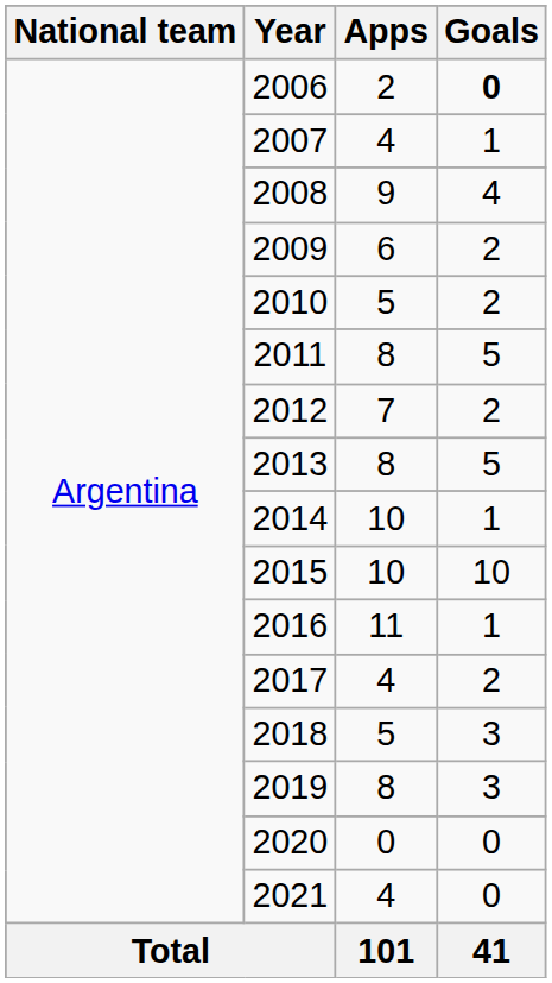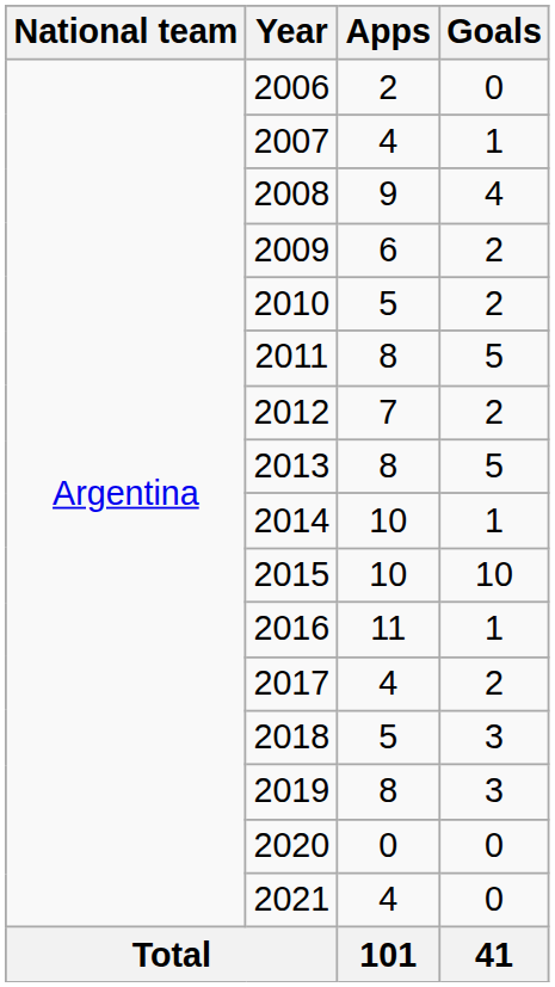 <table class="wikitable" style="text-align:center">
 <tr>
 <th>National team</th>
 <th>Year</th>
 <th>Apps</th>
 <th>Goals</th>
 </tr>
 <tr>
 <td rowspan="16"><a href='#'>Argentina</a></td>
 <td>2006</td>
 <td>2</td>
-<td><strong>0</strong></td>
+<td>0</td>
 </tr>
 <tr>
 <td>2007</td>
 <td>4</td>
 <td>1</td>
 </tr>
 <tr>
 <td>2008</td>
 <td>9</td>
 <td>4</td>
 </tr>
 <tr>
 <td>2009</td>
 <td>6</td>
 <td>2</td>
 </tr>
 <tr>
 <td>2010</td>
 <td>5</td>
 <td>2</td>
 </tr>
 <tr>
 <td>2011</td>
 <td>8</td>
 <td>5</td>
 </tr>
 <tr>
 <td>2012</td>
 <td>7</td>
 <td>2</td>
 </tr>
 <tr>
 <td>2013</td>
 <td>8</td>
 <td>5</td>
 </tr>
 <tr>
 <td>2014</td>
 <td>10</td>
 <td>1</td>
 </tr>
 <tr>
 <td>2015</td>
 <td>10</td>
 <td>10</td>
 </tr>
 <tr>
 <td>2016</td>
 <td>11</td>
 <td>1</td>
 </tr>
 <tr>
 <td>2017</td>
 <td>4</td>
 <td>2</td>
 </tr>
 <tr>
 <td>2018</td>
 <td>5</td>
 <td>3</td>
 </tr>
 <tr>
 <td>2019</td>
 <td>8</td>
 <td>3</td>
 </tr>
 <tr>
 <td>2020</td>
 <td>0</td>
 <td>0</td>
 </tr>
 <tr>
 <td>2021</td>
 <td>4</td>
 <td>0</td>
 </tr>
 <tr>
 <th colspan="2">Total</th>
 <th>101</th>
 <th>41</th>
 </tr>
 </table>
